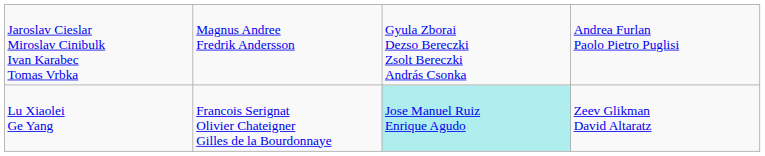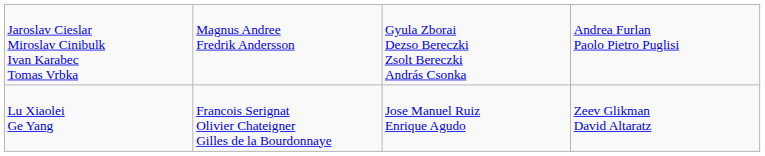 <table class="wikitable">
 <tr>
 <td style="vertical-align:top; width:220px"><br><a href='#'>Jaroslav Cieslar</a><br><a href='#'>Miroslav Cinibulk</a><br><a href='#'>Ivan Karabec</a><br><a href='#'>Tomas Vrbka</a></td>
 <td style="vertical-align:top; width:220px"><br><a href='#'>Magnus Andree</a><br><a href='#'>Fredrik Andersson</a></td>
 <td style="vertical-align:top; width:220px"><br><a href='#'>Gyula Zborai</a><br><a href='#'>Dezso Bereczki</a><br><a href='#'>Zsolt Bereczki</a><br><a href='#'>András Csonka</a></td>
 <td style="vertical-align:top; width:220px"><br><a href='#'>Andrea Furlan</a><br><a href='#'>Paolo Pietro Puglisi</a></td>
 </tr>
 <tr>
 <td style="vertical-align:top; width:220px"><br><a href='#'>Lu Xiaolei</a><br><a href='#'>Ge Yang</a></td>
 <td style="vertical-align:top; width:220px"><br><a href='#'>Francois Serignat</a><br><a href='#'>Olivier Chateigner</a><br><a href='#'>Gilles de la Bourdonnaye</a></td>
-<td style="background: paleturquoise; vertical-align:top; width:220px"><br><a href='#'>Jose Manuel Ruiz</a><br><a href='#'>Enrique Agudo</a></td>
+<td style="vertical-align:top; width:220px"><br><a href='#'>Jose Manuel Ruiz</a><br><a href='#'>Enrique Agudo</a></td>
 <td style="vertical-align:top; width:220px"><br><a href='#'>Zeev Glikman</a><br><a href='#'>David Altaratz</a></td>
 </tr>
 </table>
